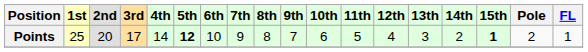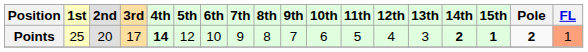 <table class="wikitable" style="font-size: 85%;">
 <tr>
 <th>Position</th>
 <td style="background-color:#ffffbf" align="center"><strong>1st</strong></td>
 <td style="background-color:#dfdfdf" align="center"><strong>2nd</strong></td>
 <td style="background-color:#ffdf9f" align="center"><strong>3rd</strong></td>
 <td style="background-color:#dfffdf" align="center"><strong>4th</strong></td>
 <td style="background-color:#dfffdf" align="center"><strong>5th</strong></td>
 <td style="background-color:#dfffdf" align="center"><strong>6th</strong></td>
 <td style="background-color:#dfffdf" align="center"><strong>7th</strong></td>
 <td style="background-color:#dfffdf" align="center"><strong>8th</strong></td>
 <td style="background-color:#dfffdf" align="center"><strong>9th</strong></td>
 <td style="background-color:#dfffdf" align="center"><strong>10th</strong></td>
 <td style="background-color:#dfffdf" align="center"><strong>11th</strong></td>
 <td style="background-color:#dfffdf" align="center"><strong>12th</strong></td>
 <td style="background-color:#dfffdf" align="center"><strong>13th</strong></td>
 <td style="background-color:#dfffdf" align="center"><strong>14th</strong></td>
 <td style="background-color:#dfffdf" align="center"><strong>15th</strong></td>
 <th> Pole </th>
 <th> <a href='#'>FL</a> </th>
 </tr>
 <tr>
 <th>Points</th>
 <td style="background-color:#ffffbf" align="center">25</td>
 <td style="background-color:#dfdfdf" align="center">20</td>
 <td style="background-color:#ffdf9f" align="center">17</td>
-<td style="background-color:#dfffdf" align="center">14</td>
-<td style="background-color:#dfffdf" align="center"><strong>12</strong></td>
+<td style="background-color:#dfffdf" align="center"><strong>14</strong></td>
+<td style="background-color:#dfffdf" align="center">12</td>
 <td style="background-color:#dfffdf" align="center">10</td>
 <td style="background-color:#dfffdf" align="center">9</td>
 <td style="background-color:#dfffdf" align="center">8</td>
 <td style="background-color:#dfffdf" align="center">7</td>
 <td style="background-color:#dfffdf" align="center">6</td>
 <td style="background-color:#dfffdf" align="center">5</td>
 <td style="background-color:#dfffdf" align="center">4</td>
 <td style="background-color:#dfffdf" align="center">3</td>
-<td style="background-color:#dfffdf" align="center">2</td>
+<td style="background-color:#dfffdf" align="center"><strong>2</strong></td>
 <td style="background-color:#dfffdf" align="center"><strong>1</strong></td>
-<td align=center>2</td>
-<td align=center>1</td>
+<td align=center><strong>2</strong></td>
+<td align=center style="background: lightsalmon;">1</td>
 </tr>
 <tr>
 </tr>
 </table>
